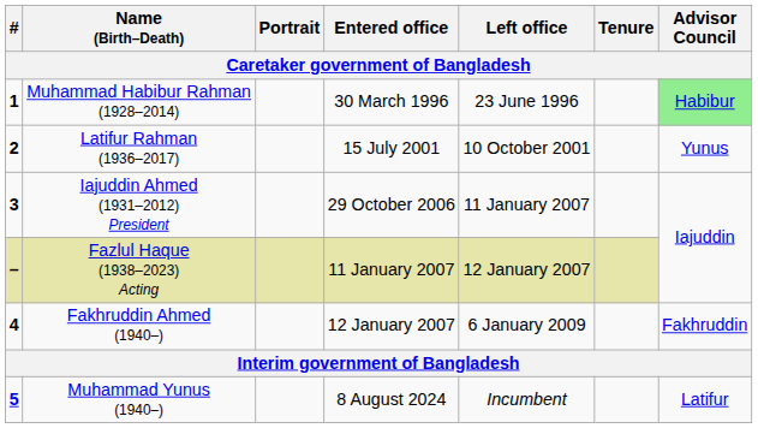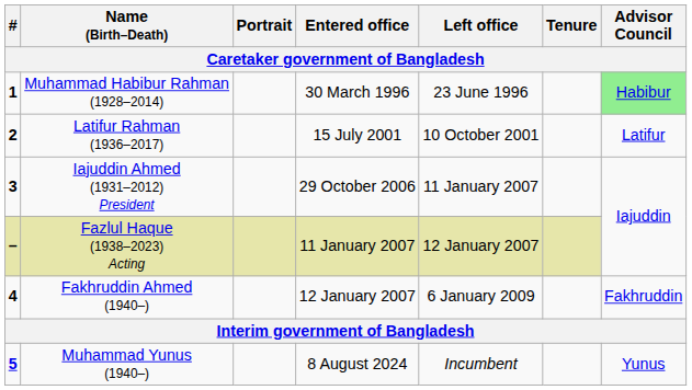 <table class="wikitable" style="text-align:center">
 <tr>
 <th>#</th>
 <th>Name<br><small>(Birth–Death)</small></th>
 <th>Portrait</th>
 <th>Entered office</th>
 <th>Left office</th>
 <th>Tenure</th>
 <th>Advisor<br>Council</th>
 </tr>
 <tr>
 <th colspan="7"><a href='#'>Caretaker government of Bangladesh</a></th>
 </tr>
 <tr>
 <td><strong>1</strong></td>
 <td><a href='#'>Muhammad Habibur Rahman</a><br><small>(1928–2014)</small></td>
 <td></td>
 <td>30 March 1996</td>
 <td>23 June 1996</td>
 <td></td>
 <td style="background: lightgreen;"><a href='#'>Habibur</a></td>
 </tr>
 <tr>
 <td><strong>2</strong></td>
 <td><a href='#'>Latifur Rahman</a><br><small>(1936–2017)</small></td>
 <td></td>
 <td>15 July 2001</td>
 <td>10 October 2001</td>
 <td></td>
-<td><a href='#'>Yunus</a></td>
+<td><a href='#'>Latifur</a></td>
 </tr>
 <tr>
 <td><strong>3</strong></td>
 <td><a href='#'>Iajuddin Ahmed</a><br><small>(1931–2012)<br><em><a href='#'>President</a></em></small></td>
 <td></td>
 <td>29 October 2006</td>
 <td>11 January 2007</td>
 <td></td>
 <td rowspan="2"><a href='#'>Iajuddin</a></td>
 </tr>
 <tr style="background:#e6e6aa;">
 <td><strong>–</strong></td>
 <td><a href='#'>Fazlul Haque</a><br><small>(1938–2023)<br><em>Acting</em></small></td>
 <td></td>
 <td>11 January 2007</td>
 <td>12 January 2007</td>
 <td></td>
 </tr>
 <tr>
 <td><strong>4</strong></td>
 <td><a href='#'>Fakhruddin Ahmed</a><br><small>(1940–)</small></td>
 <td></td>
 <td>12 January 2007</td>
 <td>6 January 2009</td>
 <td><br></td>
 <td><a href='#'>Fakhruddin</a></td>
 </tr>
 <tr>
 <th colspan="7"><a href='#'>Interim government of Bangladesh</a></th>
 </tr>
 <tr>
 <td><strong><a href='#'>5</a></strong></td>
 <td><a href='#'>Muhammad Yunus</a><br><small>(1940–)</small></td>
 <td></td>
 <td>8  August 2024</td>
 <td><em>Incumbent</em></td>
 <td></td>
-<td><a href='#'>Latifur</a></td>
+<td><a href='#'>Yunus</a></td>
 </tr>
 </table>
